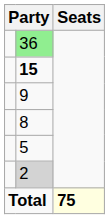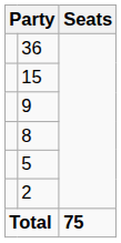 <table class="wikitable">
 <tr>
 <th colspan=2>Party</th>
 <th>Seats</th>
 </tr>
 <tr>
 <td></td>
-<td style="background: lightgreen;">36</td>
+<td>36</td>
 </tr>
 <tr>
 <td></td>
-<td><strong>15</strong></td>
+<td>15</td>
 </tr>
 <tr>
 <td></td>
 <td>9</td>
 </tr>
 <tr>
 <td></td>
 <td>8</td>
 </tr>
 <tr>
 <td></td>
 <td>5</td>
 </tr>
 <tr>
 <td></td>
-<td style="background: lightgrey;">2</td>
+<td>2</td>
 </tr>
 <tr>
 <td colspan="2"><strong>Total</strong></td>
-<td style="background: lightyellow;"><strong>75</strong></td>
+<td><strong>75</strong></td>
 </tr>
 </table>
